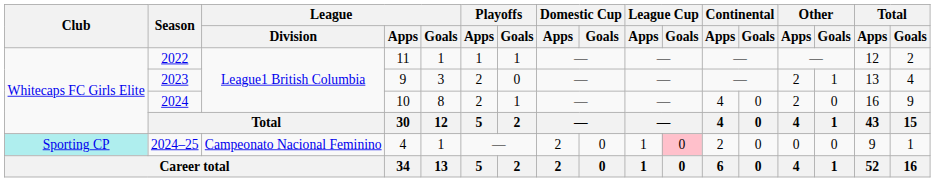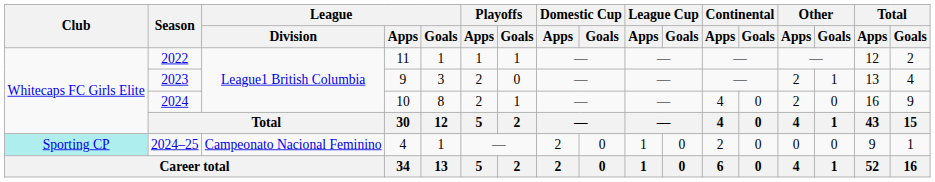 <table class="wikitable" style="text-align: center;">
 <tr>
 <th rowspan="2">Club</th>
 <th rowspan="2">Season</th>
 <th colspan="3">League</th>
 <th colspan="2">Playoffs</th>
 <th colspan="2">Domestic Cup</th>
 <th colspan="2">League Cup</th>
 <th colspan="2">Continental</th>
 <th colspan="2">Other</th>
 <th colspan="2">Total</th>
 </tr>
 <tr>
 <th>Division</th>
 <th>Apps</th>
 <th>Goals</th>
 <th>Apps</th>
 <th>Goals</th>
 <th>Apps</th>
 <th>Goals</th>
 <th>Apps</th>
 <th>Goals</th>
 <th>Apps</th>
 <th>Goals</th>
 <th>Apps</th>
 <th>Goals</th>
 <th>Apps</th>
 <th>Goals</th>
 </tr>
 <tr>
 <td rowspan="4"><a href='#'>Whitecaps FC Girls Elite</a></td>
 <td><a href='#'>2022</a></td>
 <td rowspan="3"><a href='#'>League1 British Columbia</a></td>
 <td>11</td>
 <td>1</td>
 <td>1</td>
 <td>1</td>
 <td colspan="2">—</td>
 <td colspan="2">—</td>
 <td colspan="2">—</td>
 <td colspan="2">—</td>
 <td>12</td>
 <td>2</td>
 </tr>
 <tr>
 <td><a href='#'>2023</a></td>
 <td>9</td>
 <td>3</td>
 <td>2</td>
 <td>0</td>
 <td colspan="2">—</td>
 <td colspan="2">—</td>
 <td colspan="2">—</td>
 <td>2</td>
 <td>1</td>
 <td>13</td>
 <td>4</td>
 </tr>
 <tr>
 <td><a href='#'>2024</a></td>
 <td>10</td>
 <td>8</td>
 <td>2</td>
 <td>1</td>
 <td colspan="2">—</td>
 <td colspan="2">—</td>
 <td>4</td>
 <td>0</td>
 <td>2</td>
 <td>0</td>
 <td>16</td>
 <td>9</td>
 </tr>
 <tr>
 <th colspan="2">Total</th>
 <th>30</th>
 <th>12</th>
 <th>5</th>
 <th>2</th>
 <th colspan="2">—</th>
 <th colspan="2">—</th>
 <th>4</th>
 <th>0</th>
 <th>4</th>
 <th>1</th>
 <th>43</th>
 <th>15</th>
 </tr>
 <tr>
 <td style="background: paleturquoise;"><a href='#'>Sporting CP</a></td>
 <td><a href='#'>2024–25</a></td>
 <td><a href='#'>Campeonato Nacional Feminino</a></td>
 <td>4</td>
 <td>1</td>
 <td colspan="2">—</td>
 <td>2</td>
 <td>0</td>
 <td>1</td>
-<td style="background: pink;">0</td>
+<td>0</td>
 <td>2</td>
 <td>0</td>
 <td>0</td>
 <td>0</td>
 <td>9</td>
 <td>1</td>
 </tr>
 <tr>
 <th colspan="3">Career total</th>
 <th>34</th>
 <th>13</th>
 <th>5</th>
 <th>2</th>
 <th>2</th>
 <th>0</th>
 <th>1</th>
 <th>0</th>
 <th>6</th>
 <th>0</th>
 <th>4</th>
 <th>1</th>
 <th>52</th>
 <th>16</th>
 </tr>
 </table>
